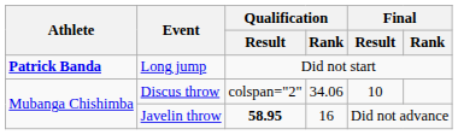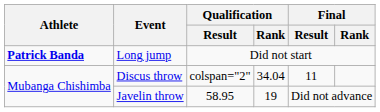 <table class="wikitable" style="font-size:90%; text-align:center">
 <tr>
 <th rowspan="2">Athlete</th>
 <th rowspan="2">Event</th>
 <th colspan="2">Qualification</th>
 <th colspan="2">Final</th>
 </tr>
 <tr>
 <th>Result</th>
 <th>Rank</th>
 <th>Result</th>
 <th>Rank</th>
 </tr>
 <tr>
 <td align="left"><strong><a href='#'>Patrick Banda</a></strong></td>
 <td align="left"><a href='#'>Long jump</a></td>
 <td colspan="4">Did not start</td>
 </tr>
 <tr>
 <td align="left" rowspan=2><a href='#'>Mubanga Chishimba</a></td>
 <td align="left"><a href='#'>Discus throw</a></td>
 <td>colspan="2" </td>
-<td>34.06</td>
-<td>10</td>
+<td>34.04</td>
+<td>11</td>
 </tr>
 <tr>
 <td align="left"><a href='#'>Javelin throw</a></td>
-<td><strong>58.95</strong></td>
-<td>16</td>
+<td>58.95</td>
+<td>19</td>
 <td colspan="2">Did not advance</td>
 </tr>
 </table>
